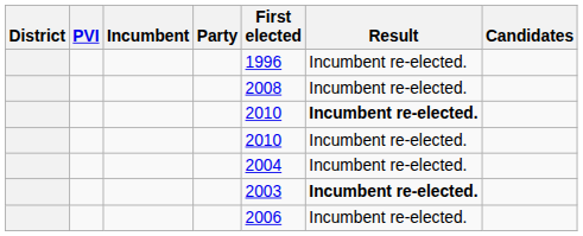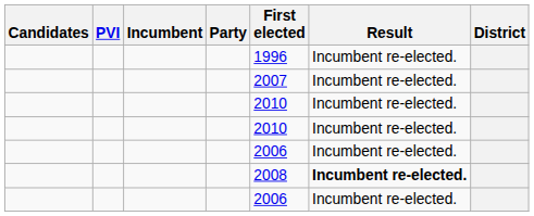 <table class="wikitable sortable">
 <tr valign=bottom>
-<th>District</th>
+<th>Candidates</th>
 <th><a href='#'>PVI</a></th>
 <th>Incumbent</th>
 <th>Party</th>
 <th>First<br>elected</th>
 <th>Result</th>
-<th>Candidates</th>
+<th>District</th>
 </tr>
 <tr>
-<th></th>
+<td nowrap></td>
 <td></td>
 <td></td>
 <td></td>
 <td><a href='#'>1996</a></td>
 <td>Incumbent re-elected.</td>
-<td nowrap></td>
+<th></th>
 </tr>
 <tr>
-<th></th>
+<td nowrap></td>
 <td></td>
 <td></td>
 <td></td>
-<td><a href='#'>2008</a></td>
+<td><a href='#'>2007</a></td>
 <td>Incumbent re-elected.</td>
-<td nowrap></td>
+<th></th>
 </tr>
 <tr>
-<th></th>
-<td></td>
-<td></td>
-<td></td>
-<td><a href='#'>2010</a></td>
-<td><strong>Incumbent re-elected.</strong></td>
 <td nowrap></td>
-</tr>
-<tr>
-<th></th>
 <td></td>
 <td></td>
 <td></td>
 <td><a href='#'>2010</a></td>
 <td>Incumbent re-elected.</td>
-<td nowrap></td>
+<th></th>
 </tr>
 <tr>
-<th></th>
+<td nowrap></td>
 <td></td>
 <td></td>
 <td></td>
-<td><a href='#'>2004</a></td>
+<td><a href='#'>2010</a></td>
 <td>Incumbent re-elected.</td>
-<td nowrap></td>
+<th></th>
 </tr>
 <tr>
-<th></th>
-<td></td>
-<td></td>
-<td></td>
-<td><a href='#'>2003</a></td>
-<td><strong>Incumbent re-elected.</strong></td>
 <td nowrap></td>
-</tr>
-<tr>
-<th></th>
 <td></td>
 <td></td>
 <td></td>
 <td><a href='#'>2006</a></td>
 <td>Incumbent re-elected.</td>
+<th></th>
+</tr>
+<tr>
 <td nowrap></td>
+<td></td>
+<td></td>
+<td></td>
+<td><a href='#'>2008</a></td>
+<td><strong>Incumbent re-elected.</strong></td>
+<th></th>
+</tr>
+<tr>
+<td nowrap></td>
+<td></td>
+<td></td>
+<td></td>
+<td><a href='#'>2006</a></td>
+<td>Incumbent re-elected.</td>
+<th></th>
 </tr>
 </table>
